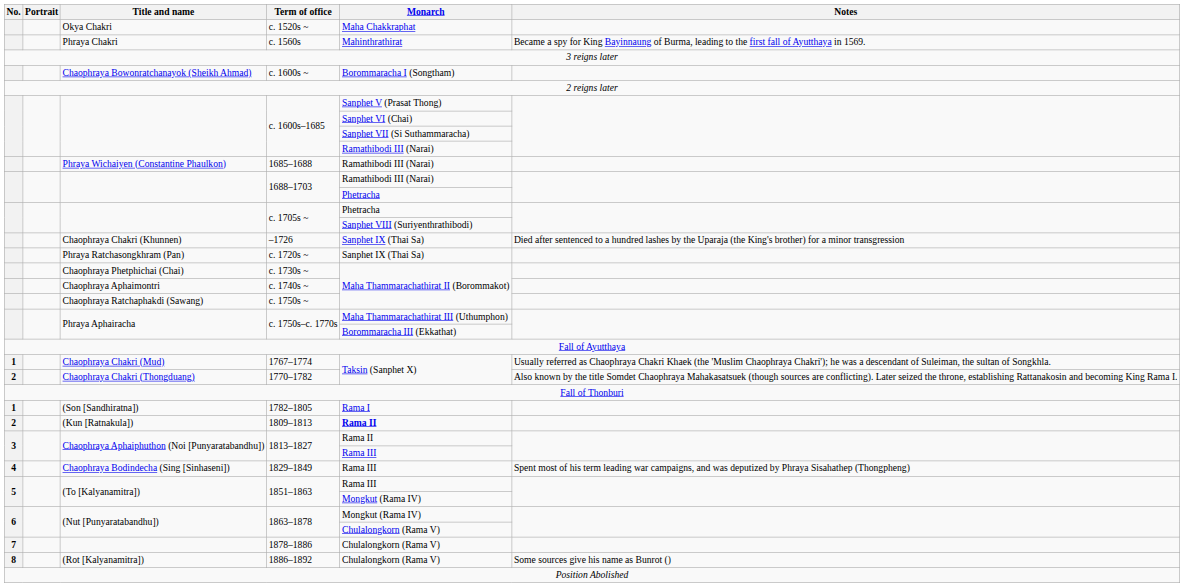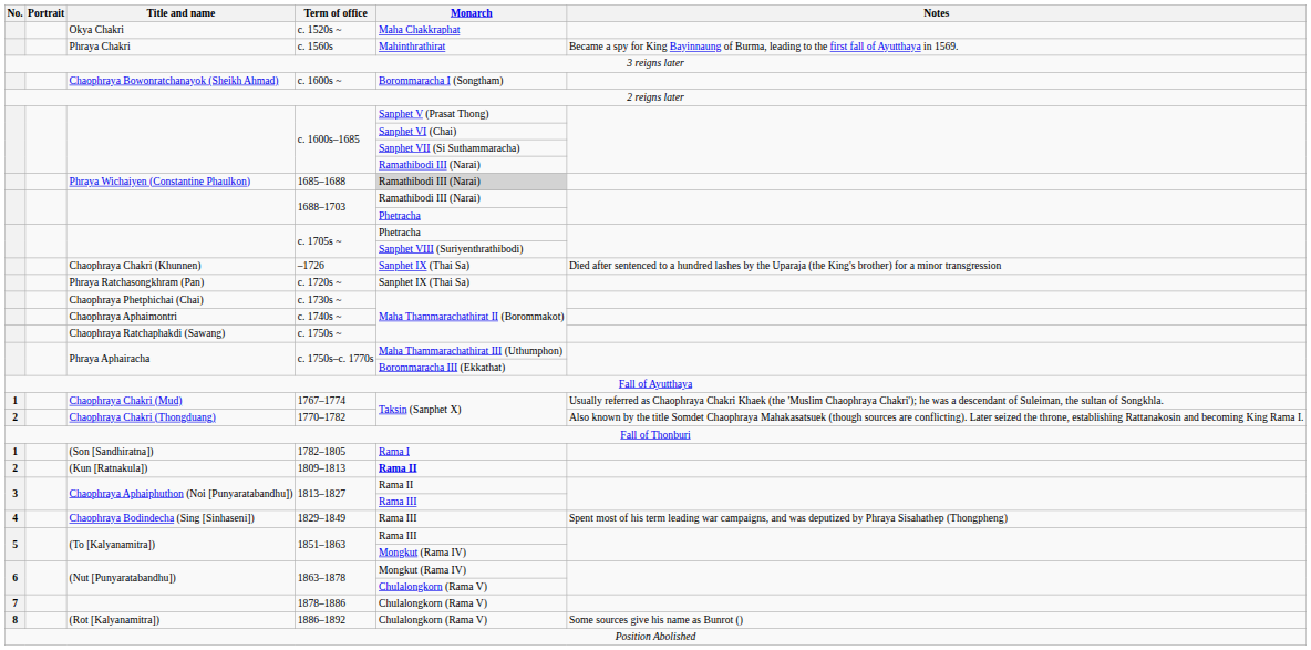 <table class="wikitable">
 <tr>
 <th>No.</th>
 <th>Portrait</th>
 <th>Title and name</th>
 <th>Term of office</th>
 <th><a href='#'>Monarch</a></th>
 <th>Notes</th>
 </tr>
 <tr>
 <th></th>
 <td></td>
 <td>Okya Chakri <br></td>
 <td>c. 1520s ~</td>
 <td><a href='#'>Maha Chakkraphat</a></td>
 <td></td>
 </tr>
 <tr>
 <th></th>
 <td></td>
 <td>Phraya Chakri</td>
 <td>c. 1560s</td>
 <td><a href='#'>Mahinthrathirat </a></td>
 <td>Became a spy for King <a href='#'>Bayinnaung</a> of Burma, leading to the <a href='#'>first fall of Ayutthaya</a> in 1569.</td>
 </tr>
 <tr>
 <td colspan="6" style="text-align:center;"><em>3 reigns later</em></td>
 </tr>
 <tr>
 <th></th>
 <td></td>
 <td><a href='#'>Chaophraya Bowonratchanayok (Sheikh Ahmad)</a> <br></td>
 <td>c. 1600s ~</td>
 <td><a href='#'>Borommaracha I</a> (Songtham)</td>
 <td></td>
 </tr>
 <tr>
 <td colspan="6" style="text-align:center;"><em>2 reigns later</em></td>
 </tr>
 <tr>
 <th rowspan="4"></th>
 <td rowspan="4"></td>
 <td rowspan="4"> <br></td>
 <td rowspan="4">c. 1600s–1685</td>
 <td><a href='#'>Sanphet V</a> (Prasat Thong)</td>
 <td rowspan="4"></td>
 </tr>
 <tr>
 <td><a href='#'>Sanphet VI</a> (Chai)</td>
 </tr>
 <tr>
 <td><a href='#'>Sanphet VII</a> (Si Suthammaracha)</td>
 </tr>
 <tr>
 <td><a href='#'>Ramathibodi III</a> (Narai)</td>
 </tr>
 <tr>
 <th></th>
 <td></td>
 <td><a href='#'>Phraya Wichaiyen (Constantine Phaulkon)</a> <br></td>
 <td>1685–1688</td>
-<td>Ramathibodi III (Narai)</td>
+<td style="background: lightgrey;">Ramathibodi III (Narai)</td>
 <td></td>
 </tr>
 <tr>
 <th rowspan="2"></th>
 <td rowspan="2"></td>
 <td rowspan="2"> <br></td>
 <td rowspan="2">1688–1703</td>
 <td>Ramathibodi III (Narai)</td>
 <td rowspan="2"></td>
 </tr>
 <tr>
 <td><a href='#'>Phetracha</a></td>
 </tr>
 <tr>
 <th rowspan="2"></th>
 <td rowspan="2"></td>
 <td rowspan="2"> <br></td>
 <td rowspan="2">c. 1705s ~</td>
 <td>Phetracha</td>
 <td rowspan="2"></td>
 </tr>
 <tr>
 <td><a href='#'>Sanphet VIII</a> (Suriyenthrathibodi)</td>
 </tr>
 <tr>
 <th></th>
 <td></td>
 <td>Chaophraya Chakri (Khunnen) <br></td>
 <td>–1726</td>
 <td><a href='#'>Sanphet IX</a> (Thai Sa)</td>
 <td>Died after sentenced to a hundred lashes by the Uparaja (the King's brother) for a minor transgression</td>
 </tr>
 <tr>
 <th></th>
 <td></td>
 <td>Phraya Ratchasongkhram (Pan) <br></td>
 <td>c. 1720s ~</td>
 <td>Sanphet IX (Thai Sa)</td>
 <td></td>
 </tr>
 <tr>
 <th></th>
 <td></td>
 <td>Chaophraya Phetphichai (Chai) <br></td>
 <td>c. 1730s ~</td>
 <td rowspan="3"><a href='#'>Maha Thammarachathirat II</a> (Borommakot)</td>
 <td></td>
 </tr>
 <tr>
 <th></th>
 <td></td>
 <td>Chaophraya Aphaimontri <br></td>
 <td>c. 1740s ~</td>
 <td></td>
 </tr>
 <tr>
 <th></th>
 <td></td>
 <td>Chaophraya Ratchaphakdi (Sawang) <br></td>
 <td>c. 1750s ~</td>
 <td></td>
 </tr>
 <tr>
 <th rowspan="2"></th>
 <td rowspan="2"></td>
 <td rowspan="2">Phraya Aphairacha <br></td>
 <td rowspan="2">c. 1750s–c. 1770s</td>
 <td><a href='#'>Maha Thammarachathirat III</a> (Uthumphon)</td>
 <td rowspan="2"></td>
 </tr>
 <tr>
 <td><a href='#'>Borommaracha III</a> (Ekkathat)</td>
 </tr>
 <tr>
 <td colspan="6" style="text-align:center;"><a href='#'>Fall of Ayutthaya</a></td>
 </tr>
 <tr>
 <th>1</th>
 <td></td>
 <td><a href='#'>Chaophraya Chakri (Mud)</a> <br></td>
 <td>1767–1774</td>
 <td rowspan="2"><a href='#'>Taksin</a> (Sanphet X)</td>
 <td>Usually referred as Chaophraya Chakri Khaek (the 'Muslim Chaophraya Chakri'); he was a descendant of Suleiman, the sultan of Songkhla.</td>
 </tr>
 <tr>
 <th>2</th>
 <td></td>
 <td><a href='#'>Chaophraya Chakri (Thongduang)</a> <br></td>
 <td>1770–1782</td>
 <td>Also known by the title Somdet Chaophraya Mahakasatsuek (though sources are conflicting). Later seized the throne, establishing Rattanakosin and becoming King Rama I.</td>
 </tr>
 <tr>
 <td colspan="6" style="text-align:center;"><a href='#'>Fall of Thonburi</a></td>
 </tr>
 <tr>
 <th>1</th>
 <td></td>
 <td> (Son [Sandhiratna]) <br></td>
 <td>1782–1805</td>
 <td><a href='#'>Rama I</a></td>
 <td></td>
 </tr>
 <tr>
 <th>2</th>
 <td></td>
 <td> (Kun [Ratnakula]) <br></td>
 <td>1809–1813</td>
 <td><strong><a href='#'>Rama II</a></strong></td>
 <td></td>
 </tr>
 <tr>
 <th rowspan="2">3</th>
 <td rowspan="2"></td>
 <td rowspan="2"><a href='#'>Chaophraya Aphaiphuthon</a> (Noi [Punyaratabandhu]) <br></td>
 <td rowspan="2">1813–1827</td>
 <td>Rama II</td>
 <td rowspan="2"></td>
 </tr>
 <tr>
 <td><a href='#'>Rama III</a></td>
 </tr>
 <tr>
 <th>4</th>
 <td></td>
 <td><a href='#'>Chaophraya Bodindecha</a> (Sing [Sinhaseni]) <br></td>
 <td>1829–1849</td>
 <td>Rama III</td>
 <td>Spent most of his term leading war campaigns, and was deputized by Phraya Sisahathep (Thongpheng)</td>
 </tr>
 <tr>
 <th rowspan="2">5</th>
 <td rowspan="2"></td>
 <td rowspan="2"> (To [Kalyanamitra]) <br></td>
 <td rowspan="2">1851–1863</td>
 <td>Rama III</td>
 <td rowspan="2"></td>
 </tr>
 <tr>
 <td><a href='#'>Mongkut</a> (Rama IV)</td>
 </tr>
 <tr>
 <th rowspan="2">6</th>
 <td rowspan="2"></td>
 <td rowspan="2"> (Nut [Punyaratabandhu]) <br></td>
 <td rowspan="2">1863–1878</td>
 <td>Mongkut (Rama IV)</td>
 <td rowspan="2"></td>
 </tr>
 <tr>
 <td><a href='#'>Chulalongkorn</a> (Rama V)</td>
 </tr>
 <tr>
 <th>7</th>
 <td></td>
 <td> <br></td>
 <td>1878–1886</td>
 <td>Chulalongkorn (Rama V)</td>
 <td></td>
 </tr>
 <tr>
 <th>8</th>
 <td></td>
 <td> (Rot [Kalyanamitra]) <br></td>
 <td>1886–1892</td>
 <td>Chulalongkorn (Rama V)</td>
 <td>Some sources give his name as Bunrot ()</td>
 </tr>
 <tr>
 <td colspan="6" style="text-align:center;"><em>Position Abolished</em></td>
 </tr>
 </table>
